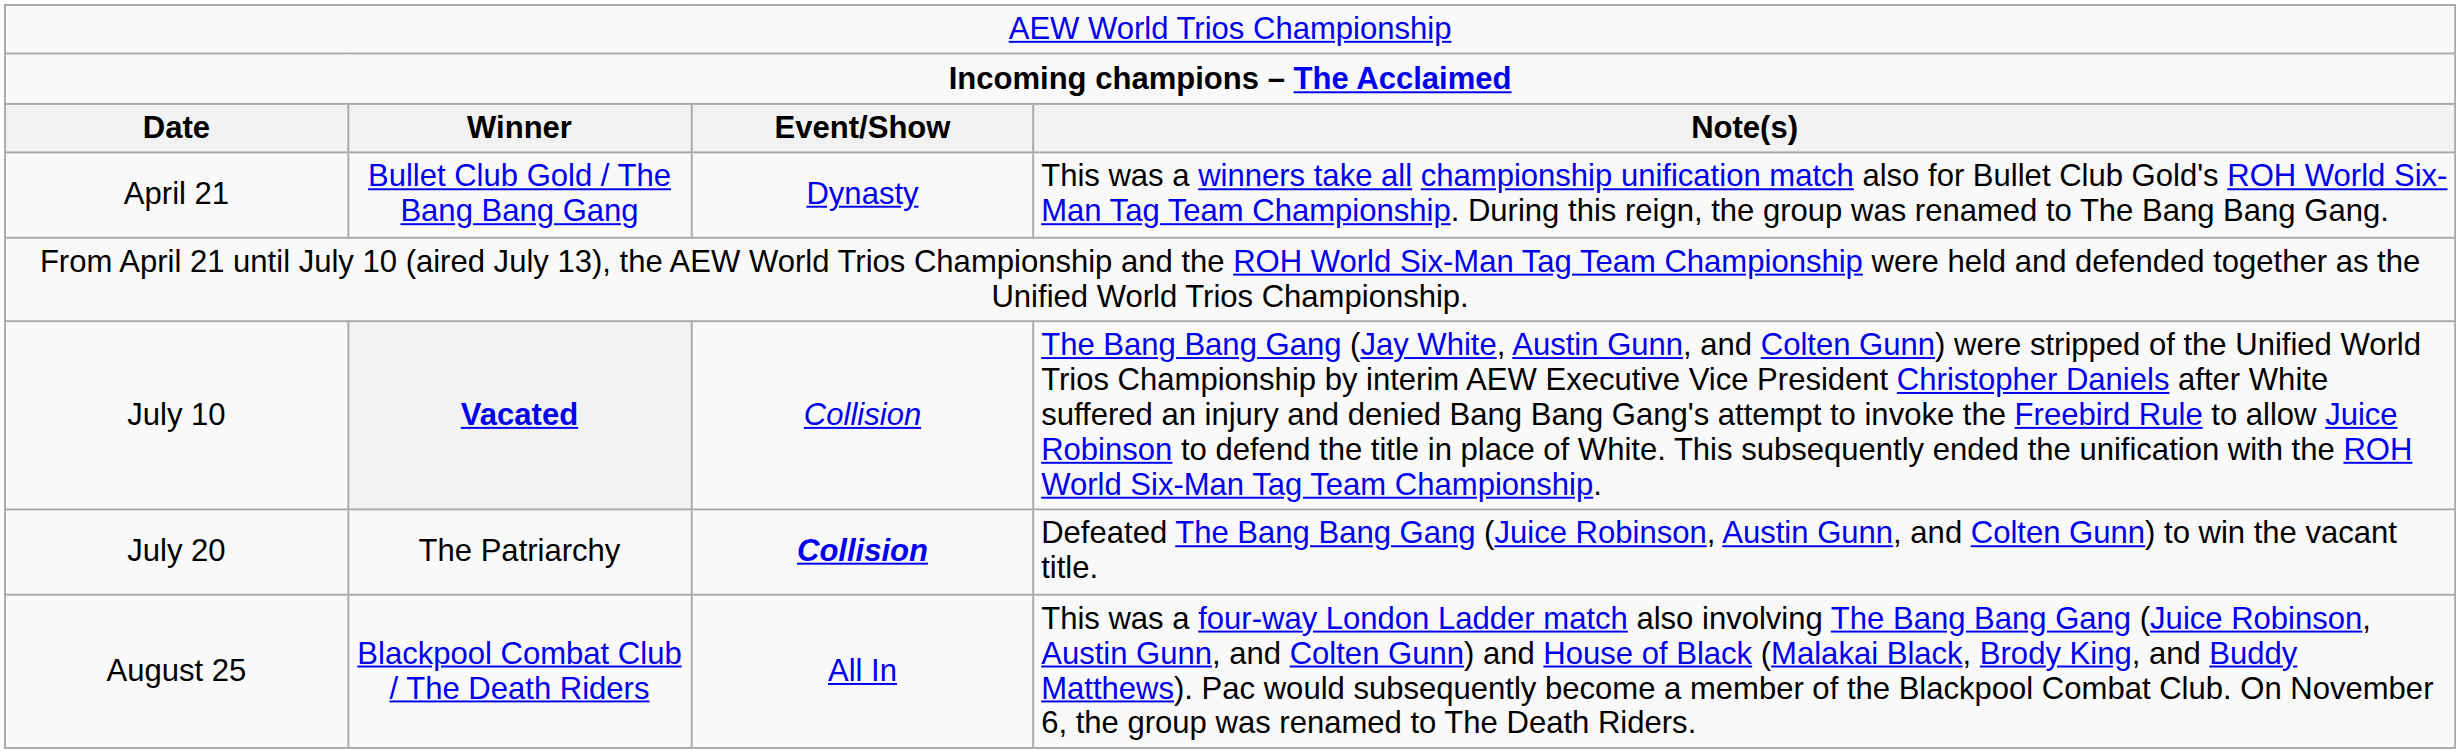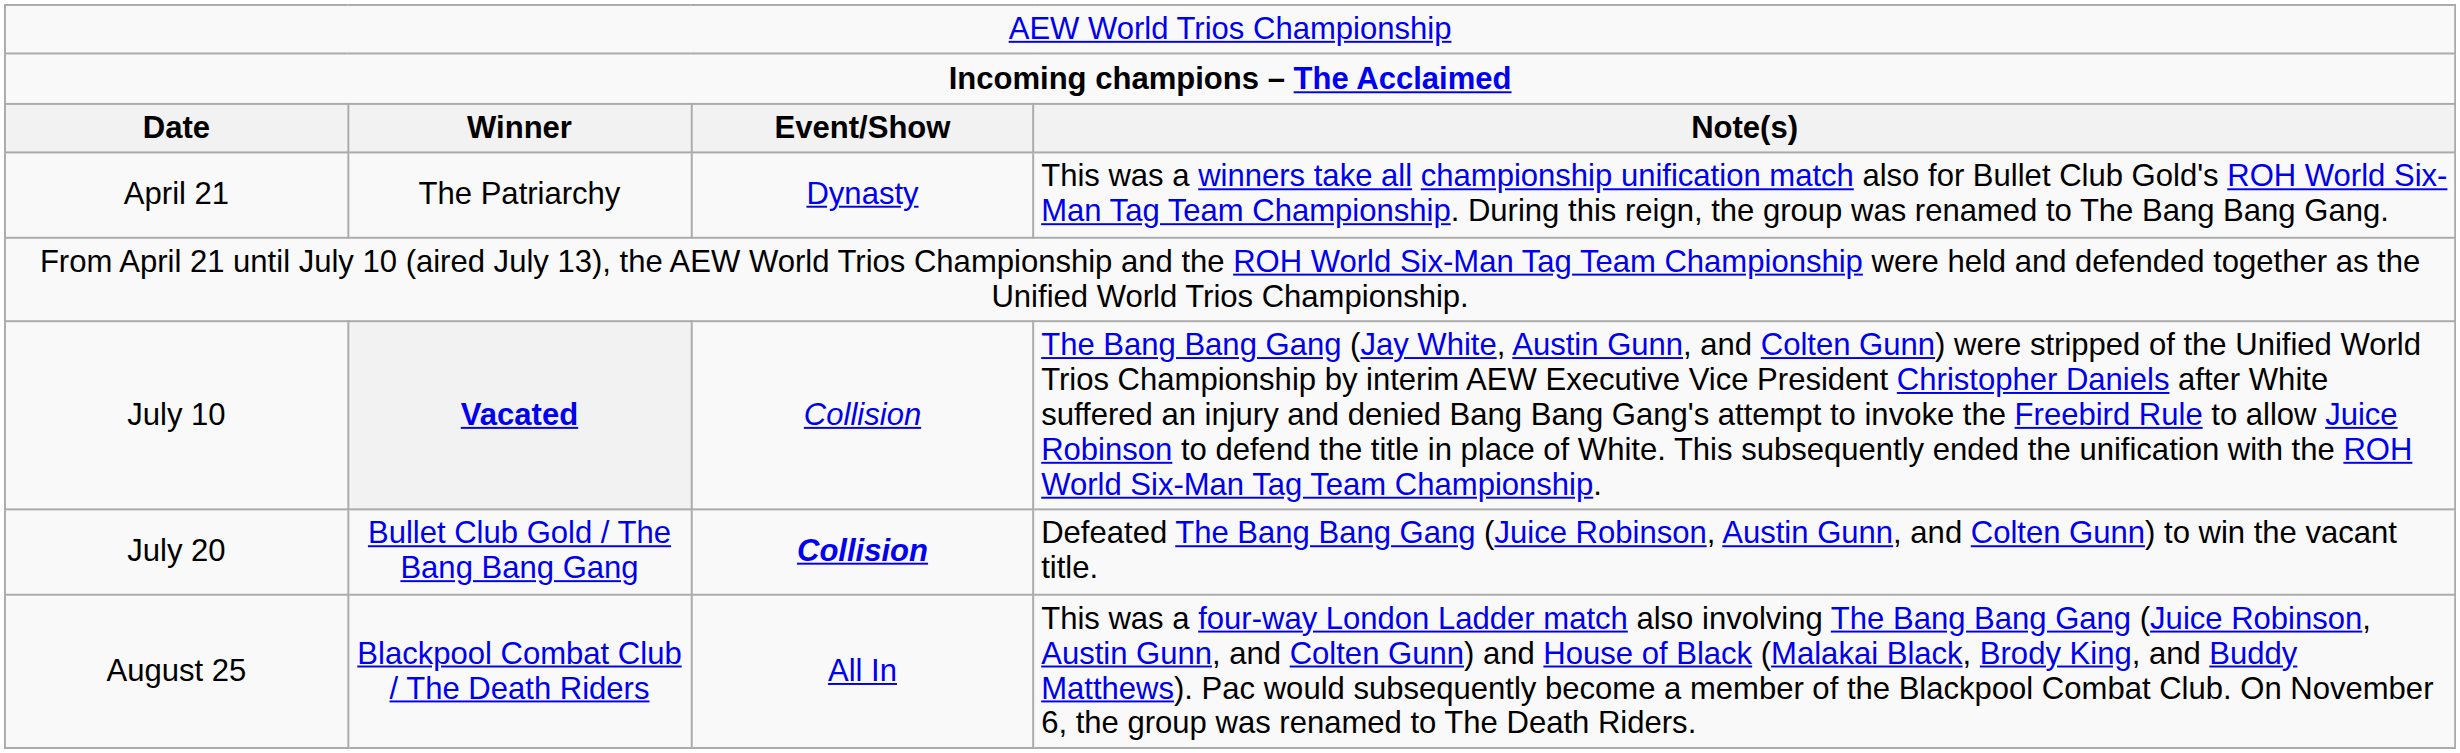 <table class="wikitable" style="text-align:center; width:100%;">
 <tr>
 <td colspan="4" style="text-align: center;"><a href='#'>AEW World Trios Championship</a></td>
 </tr>
 <tr>
 <td colspan="4" style="text-align: center;"><strong>Incoming champions – <a href='#'>The Acclaimed</a> </strong></td>
 </tr>
 <tr>
 <th width=14%>Date</th>
 <th width=14%>Winner</th>
 <th width=14%>Event/Show</th>
 <th width=58%>Note(s)</th>
 </tr>
 <tr>
 <td>April 21</td>
-<td><a href='#'>Bullet Club Gold / The Bang Bang Gang</a><br></td>
+<td>The Patriarchy<br></td>
 <td><a href='#'>Dynasty</a><br></td>
 <td align=left>This was a <a href='#'>winners take all</a> <a href='#'>championship unification match</a> also for Bullet Club Gold's <a href='#'>ROH World Six-Man Tag Team Championship</a>. During this reign, the group was renamed to The Bang Bang Gang.</td>
 </tr>
 <tr>
 <td colspan="4">From April 21 until July 10 (aired July 13), the AEW World Trios Championship and the <a href='#'>ROH World Six-Man Tag Team Championship</a> were held and defended together as the Unified World Trios Championship.</td>
 </tr>
 <tr>
 <td>July 10<br></td>
 <th><a href='#'>Vacated</a></th>
 <td><em><a href='#'>Collision</a></em></td>
 <td align=left><a href='#'>The Bang Bang Gang</a> (<a href='#'>Jay White</a>, <a href='#'>Austin Gunn</a>, and <a href='#'>Colten Gunn</a>) were stripped of the Unified World Trios Championship by interim AEW Executive Vice President <a href='#'>Christopher Daniels</a> after White suffered an injury and denied Bang Bang Gang's attempt to invoke the <a href='#'>Freebird Rule</a> to allow <a href='#'>Juice Robinson</a> to defend the title in place of White. This subsequently ended the unification with the <a href='#'>ROH World Six-Man Tag Team Championship</a>.</td>
 </tr>
 <tr>
 <td>July 20</td>
-<td>The Patriarchy<br></td>
+<td><a href='#'>Bullet Club Gold / The Bang Bang Gang</a><br></td>
 <td><strong><em><a href='#'>Collision</a></em></strong></td>
 <td align=left>Defeated <a href='#'>The Bang Bang Gang</a> (<a href='#'>Juice Robinson</a>, <a href='#'>Austin Gunn</a>, and <a href='#'>Colten Gunn</a>) to win the vacant title.</td>
 </tr>
 <tr>
 <td>August 25</td>
 <td><a href='#'>Blackpool Combat Club / The Death Riders</a><br></td>
 <td><a href='#'>All In</a></td>
 <td align=left>This was a <a href='#'>four-way London Ladder match</a> also involving <a href='#'>The Bang Bang Gang</a> (<a href='#'>Juice Robinson</a>, <a href='#'>Austin Gunn</a>, and <a href='#'>Colten Gunn</a>) and <a href='#'>House of Black</a> (<a href='#'>Malakai Black</a>, <a href='#'>Brody King</a>, and <a href='#'>Buddy Matthews</a>). Pac would subsequently become a member of the Blackpool Combat Club. On November 6, the group was renamed to The Death Riders.</td>
 </tr>
 </table>
